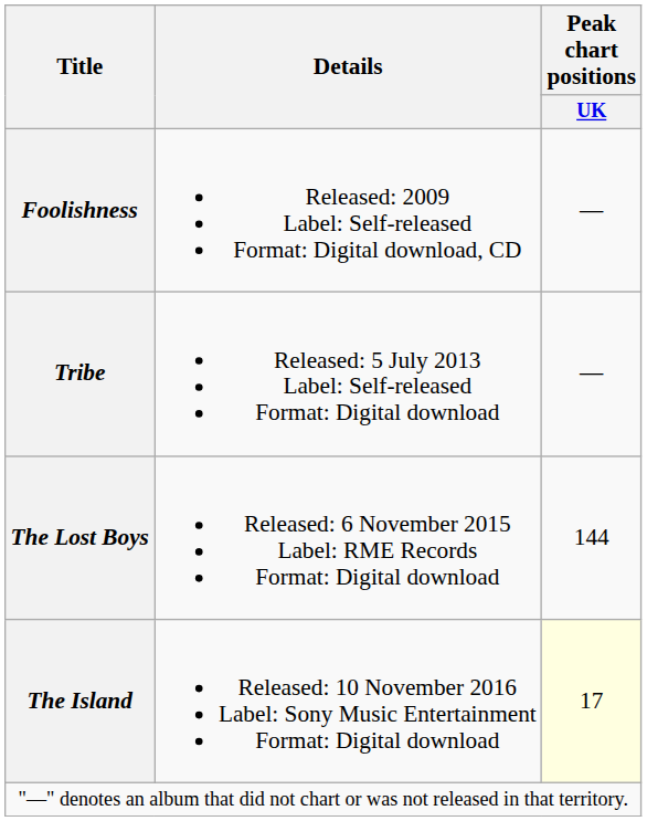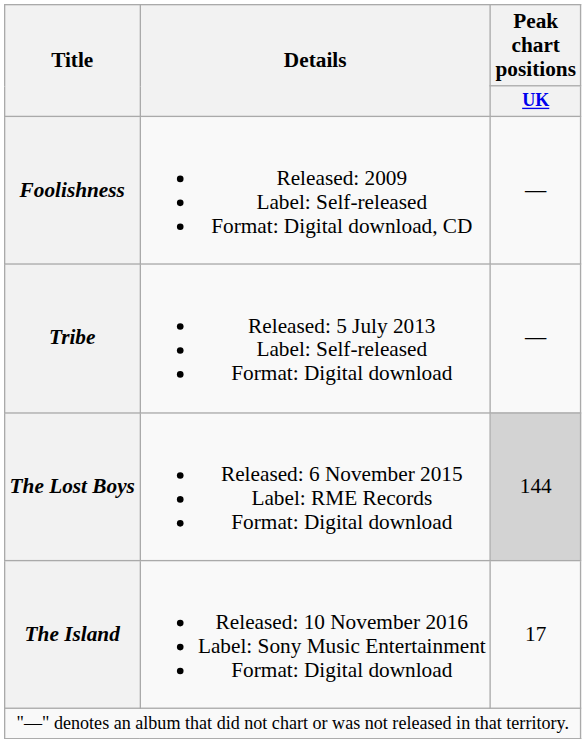 <table class="wikitable plainrowheaders" style="text-align:center;">
 <tr>
 <th scope="col" rowspan="2">Title</th>
 <th scope="col" rowspan="2">Details</th>
 <th scope="col" colspan="1">Peak chart positions</th>
 </tr>
 <tr>
 <th scope="col" style="width:3em;font-size:85%;"><a href='#'>UK</a><br></th>
 </tr>
 <tr>
 <th scope="row"><em>Foolishness</em></th>
 <td><br><ul><li>Released: 2009</li><li>Label: Self-released</li><li>Format: Digital download, CD</li></ul></td>
 <td>—</td>
 </tr>
 <tr>
 <th scope="row"><em>Tribe</em></th>
 <td><br><ul><li>Released: 5 July 2013</li><li>Label: Self-released</li><li>Format: Digital download</li></ul></td>
 <td>—</td>
 </tr>
 <tr>
 <th scope="row"><em>The Lost Boys</em></th>
 <td><br><ul><li>Released: 6 November 2015</li><li>Label: RME Records</li><li>Format: Digital download</li></ul></td>
-<td>144</td>
+<td style="background: lightgrey;">144</td>
 </tr>
 <tr>
 <th scope="row"><em>The Island</em></th>
 <td><br><ul><li>Released: 10 November 2016</li><li>Label: Sony Music Entertainment</li><li>Format: Digital download</li></ul></td>
-<td style="background: lightyellow;">17</td>
+<td>17</td>
 </tr>
 <tr>
 <td colspan="20" style="font-size:85%">"—" denotes an album that did not chart or was not released in that territory.</td>
 </tr>
 <tr>
 </tr>
 </table>
